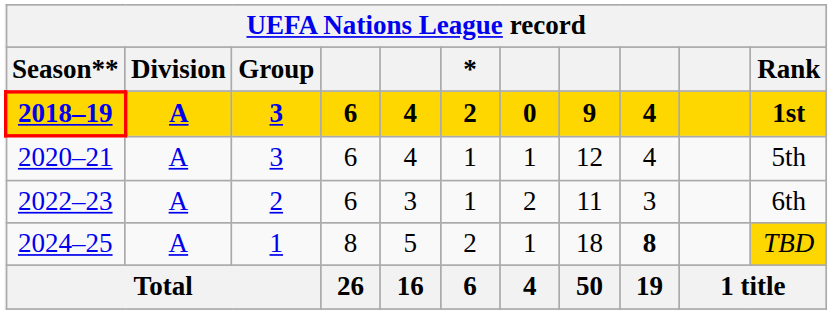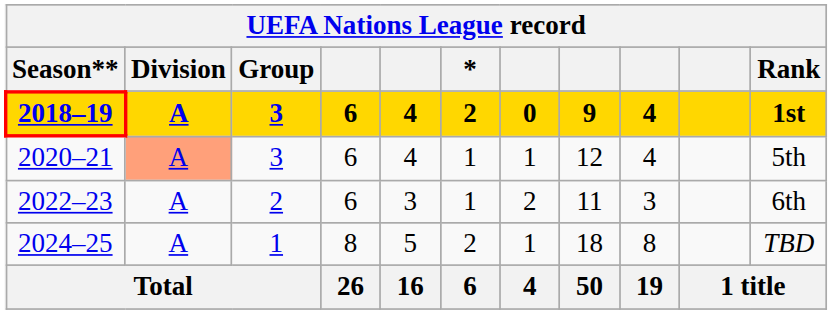 <table class="wikitable" style="text-align:center;">
 <tr>
 <th colspan=11><a href='#'>UEFA Nations League</a> record</th>
 </tr>
 <tr>
 <th>Season**</th>
 <th>Division</th>
 <th>Group</th>
 <th width=28></th>
 <th width=28></th>
 <th width=28>*</th>
 <th width=28></th>
 <th width=28></th>
 <th width=28></th>
 <th width=35></th>
 <th width=28>Rank</th>
 </tr>
 <tr style="background:Gold;">
 <td style="border:2px solid red"> <strong><a href='#'>2018–19</a></strong></td>
 <td><strong><a href='#'>A</a></strong></td>
 <td><strong><a href='#'>3</a></strong></td>
 <td><strong>6</strong></td>
 <td><strong>4</strong></td>
 <td><strong>2</strong></td>
 <td><strong>0</strong></td>
 <td><strong>9</strong></td>
 <td><strong>4</strong></td>
 <td></td>
 <td><strong>1st</strong></td>
 </tr>
 <tr>
 <td> <a href='#'>2020–21</a></td>
-<td><a href='#'>A</a></td>
+<td style="background: lightsalmon;"><a href='#'>A</a></td>
 <td><a href='#'>3</a></td>
 <td>6</td>
 <td>4</td>
 <td>1</td>
 <td>1</td>
 <td>12</td>
 <td>4</td>
 <td></td>
 <td>5th</td>
 </tr>
 <tr>
 <td> <a href='#'>2022–23</a></td>
 <td><a href='#'>A</a></td>
 <td><a href='#'>2</a></td>
 <td>6</td>
 <td>3</td>
 <td>1</td>
 <td>2</td>
 <td>11</td>
 <td>3</td>
 <td></td>
 <td>6th</td>
 </tr>
 <tr>
 <td> <a href='#'>2024–25</a></td>
 <td><a href='#'>A</a></td>
 <td><a href='#'>1</a></td>
 <td>8</td>
 <td>5</td>
 <td>2</td>
 <td>1</td>
 <td>18</td>
-<td><strong>8</strong></td>
+<td>8</td>
 <td></td>
-<td style="background: gold;"><em>TBD</em></td>
+<td><em>TBD</em></td>
 </tr>
 <tr>
 <th colspan=3>Total</th>
 <th>26</th>
 <th>16</th>
 <th>6</th>
 <th>4</th>
 <th>50</th>
 <th>19</th>
 <th colspan=2>1 title</th>
 </tr>
 </table>
